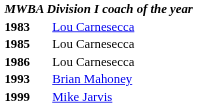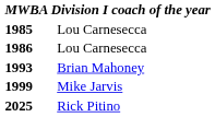 <table>
 <tr>
 <th colspan="2"><a href='#'></a><br><span><em>MWBA Division I coach of the year</em></span></th>
-</tr>
-<tr>
-<td><strong>1983</strong></td>
-<td><a href='#'>Lou Carnesecca</a></td>
 </tr>
 <tr>
 <td><strong>1985</strong></td>
 <td>Lou Carnesecca</td>
 </tr>
 <tr>
 <td><strong>1986</strong></td>
 <td>Lou Carnesecca</td>
 </tr>
 <tr>
 <td><strong>1993</strong></td>
 <td><a href='#'>Brian Mahoney</a></td>
 </tr>
 <tr>
 <td><strong>1999</strong></td>
 <td><a href='#'>Mike Jarvis</a></td>
 </tr>
 <tr>
+<td><strong>2025</strong></td>
+<td><a href='#'>Rick Pitino</a></td>
+</tr>
+<tr>
 </tr>
 </table>
